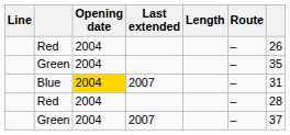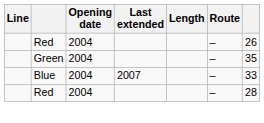 <table class="sortable wikitable">
 <tr>
 <th>Line</th>
 <th class="unsortable"></th>
 <th>Opening<br>date</th>
 <th>Last<br>extended</th>
 <th>Length</th>
 <th class="unsortable">Route</th>
 <th></th>
 </tr>
 <tr>
 <td align="center"></td>
 <td style="background:#">Red</td>
 <td>2004</td>
 <td></td>
 <td></td>
 <td> – </td>
 <td>26</td>
 </tr>
 <tr>
 <td align="center"></td>
 <td style="background:#">Green</td>
 <td>2004</td>
 <td></td>
 <td></td>
 <td> – </td>
 <td>35</td>
 </tr>
 <tr>
 <td align="center"></td>
 <td style="background:#">Blue</td>
-<td style="background: gold;">2004</td>
+<td>2004</td>
 <td>2007</td>
 <td></td>
 <td> – </td>
-<td>31</td>
+<td>33</td>
 </tr>
 <tr>
 <td align="center"></td>
 <td style="background:#">Red</td>
 <td>2004</td>
 <td></td>
 <td></td>
 <td> – </td>
 <td>28</td>
 </tr>
-<tr>
-<td align="center"></td>
-<td style="background:#">Green</td>
-<td>2004</td>
-<td>2007</td>
-<td></td>
-<td> – </td>
-<td>37</td>
-</tr>
 </table>
